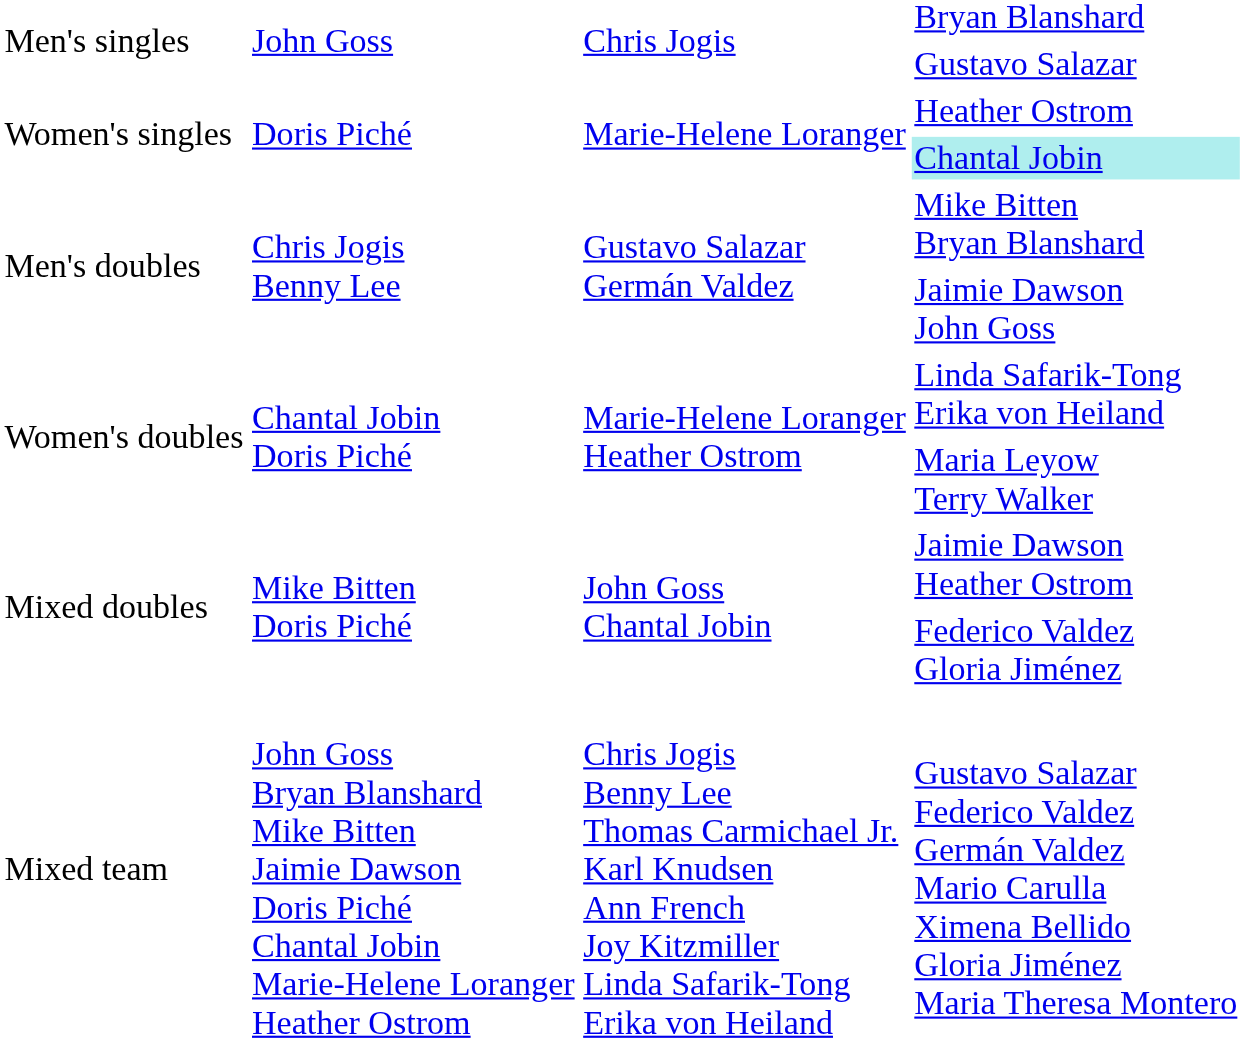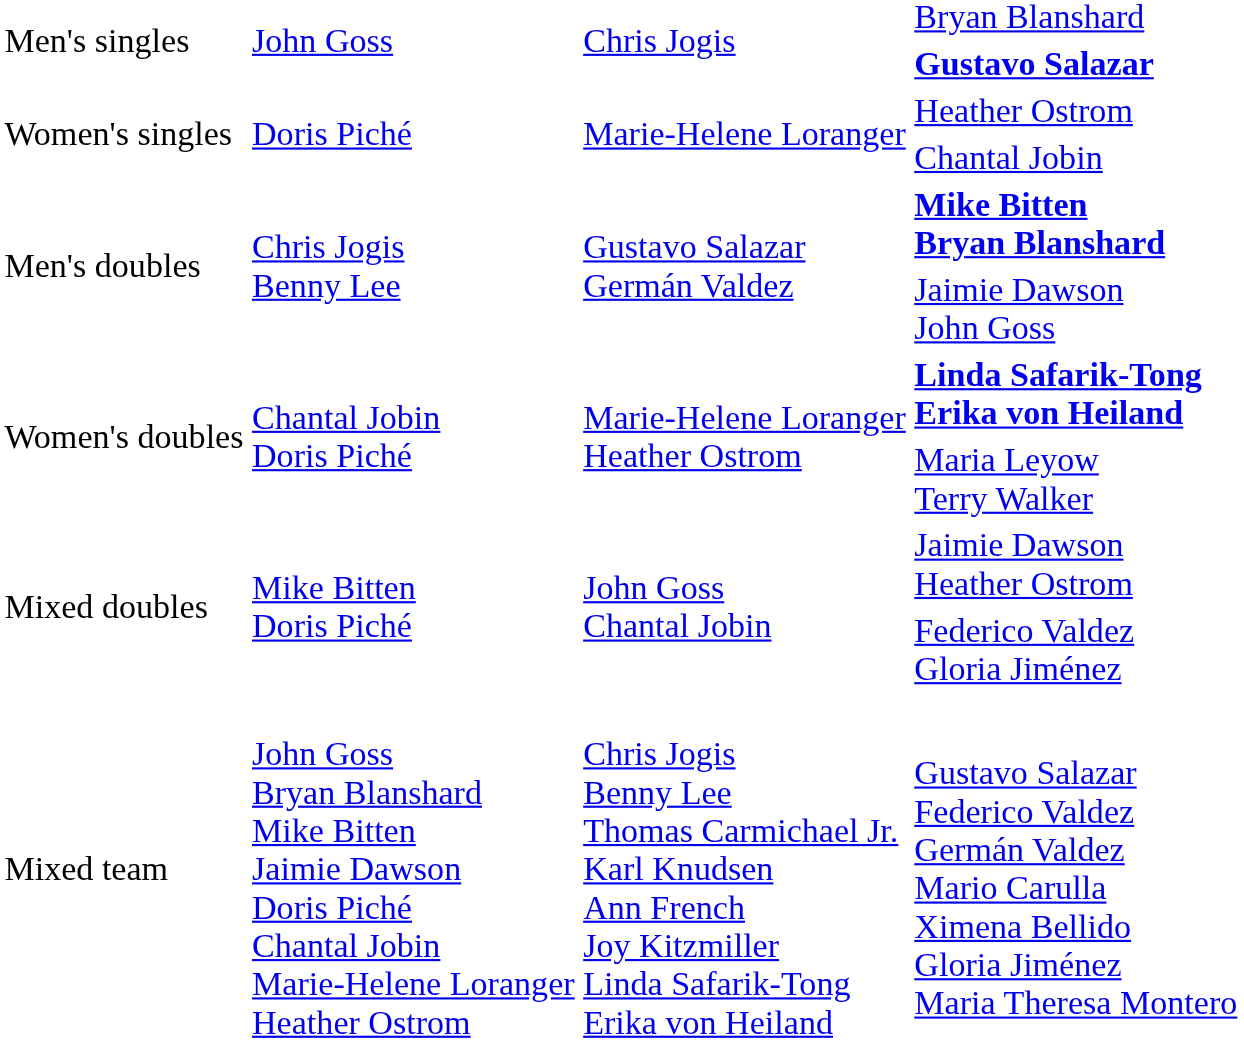 <table>
 <tr>
 <td rowspan="2">Men's singles</td>
 <td rowspan="2"> <a href='#'>John Goss</a></td>
 <td rowspan="2"> <a href='#'>Chris Jogis</a></td>
 <td> <a href='#'>Bryan Blanshard</a></td>
 </tr>
 <tr>
-<td> <a href='#'>Gustavo Salazar</a></td>
+<td><strong> <a href='#'>Gustavo Salazar</a></strong></td>
 </tr>
 <tr>
 <td rowspan="2">Women's singles</td>
 <td rowspan="2"> <a href='#'>Doris Piché</a></td>
 <td rowspan="2"> <a href='#'>Marie-Helene Loranger</a></td>
 <td> <a href='#'>Heather Ostrom</a></td>
 </tr>
 <tr>
-<td style="background: paleturquoise;"> <a href='#'>Chantal Jobin</a></td>
+<td> <a href='#'>Chantal Jobin</a></td>
 </tr>
 <tr>
 <td rowspan="2">Men's doubles</td>
 <td rowspan="2"> <a href='#'>Chris Jogis</a> <br> <a href='#'>Benny Lee</a></td>
 <td rowspan="2"> <a href='#'>Gustavo Salazar</a> <br> <a href='#'>Germán Valdez</a></td>
-<td> <a href='#'>Mike Bitten</a><br> <a href='#'>Bryan Blanshard</a></td>
+<td><strong> <a href='#'>Mike Bitten</a><br> <a href='#'>Bryan Blanshard</a></strong></td>
 </tr>
 <tr>
 <td> <a href='#'>Jaimie Dawson</a><br> <a href='#'>John Goss</a></td>
 </tr>
 <tr>
 <td rowspan="2">Women's doubles</td>
 <td rowspan="2"> <a href='#'>Chantal Jobin</a> <br> <a href='#'>Doris Piché</a></td>
 <td rowspan="2"> <a href='#'>Marie-Helene Loranger</a> <br> <a href='#'>Heather Ostrom</a></td>
-<td> <a href='#'>Linda Safarik-Tong</a> <br> <a href='#'>Erika von Heiland</a></td>
+<td><strong> <a href='#'>Linda Safarik-Tong</a> <br> <a href='#'>Erika von Heiland</a></strong></td>
 </tr>
 <tr>
 <td> <a href='#'>Maria Leyow</a><br> <a href='#'>Terry Walker</a></td>
 </tr>
 <tr>
 <td rowspan="2">Mixed doubles</td>
 <td rowspan="2"> <a href='#'>Mike Bitten</a> <br> <a href='#'>Doris Piché</a></td>
 <td rowspan="2"> <a href='#'>John Goss</a> <br> <a href='#'>Chantal Jobin</a></td>
 <td> <a href='#'>Jaimie Dawson</a><br> <a href='#'>Heather Ostrom</a></td>
 </tr>
 <tr>
 <td> <a href='#'>Federico Valdez</a><br> <a href='#'>Gloria Jiménez</a></td>
 </tr>
 <tr>
 <td rowspan=1>Mixed team</td>
 <td rowspan=1 align="left"><br><a href='#'>John Goss</a><br><a href='#'>Bryan Blanshard</a><br><a href='#'>Mike Bitten</a><br><a href='#'>Jaimie Dawson</a><br><a href='#'>Doris Piché</a><br><a href='#'>Chantal Jobin</a><br><a href='#'>Marie-Helene Loranger</a><br><a href='#'>Heather Ostrom</a></td>
 <td rowspan=1 align="left"><br><a href='#'>Chris Jogis</a><br><a href='#'>Benny Lee</a><br><a href='#'>Thomas Carmichael Jr.</a><br><a href='#'>Karl Knudsen</a><br><a href='#'>Ann French</a><br><a href='#'>Joy Kitzmiller</a><br><a href='#'>Linda Safarik-Tong</a><br><a href='#'>Erika von Heiland</a></td>
 <td align="left"><br><a href='#'>Gustavo Salazar</a><br><a href='#'>Federico Valdez</a><br><a href='#'>Germán Valdez</a><br><a href='#'>Mario Carulla</a><br><a href='#'>Ximena Bellido</a><br><a href='#'>Gloria Jiménez</a><br><a href='#'>Maria Theresa Montero</a></td>
 </tr>
 </table>
